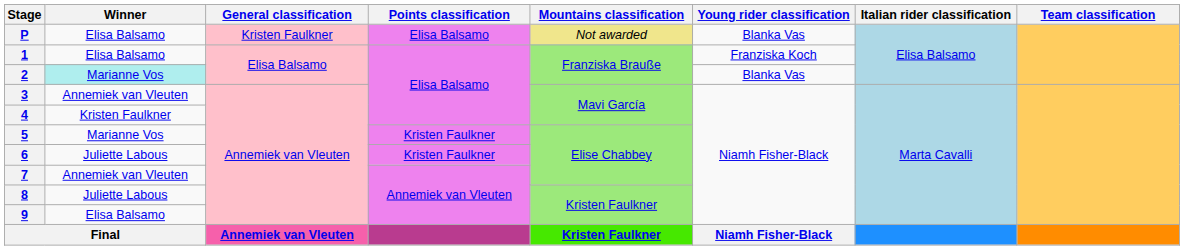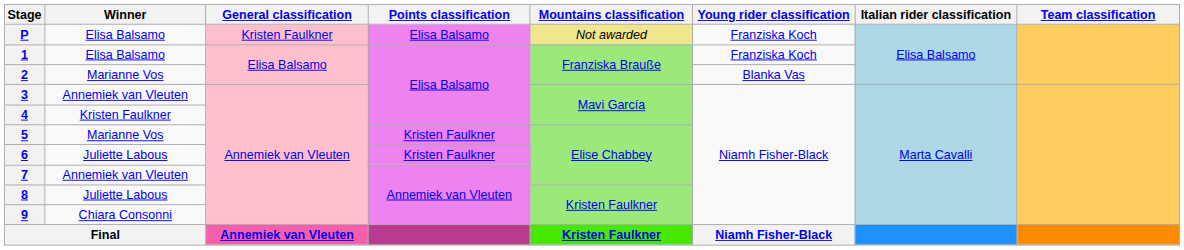 <table class="wikitable" style="text-align: center; font-size:smaller;">
 <tr style="background-color: #efefef;">
 <th width="2%">Stage</th>
 <th width="14%">Winner</th>
 <th width="14%"><a href='#'>General classification</a><br></th>
 <th width="14%"><a href='#'>Points classification</a><br></th>
 <th width="14%"><a href='#'>Mountains classification</a><br></th>
 <th width="14%"><a href='#'>Young rider classification</a><br></th>
 <th width="14%">Italian rider classification<br></th>
 <th width="14%"><a href='#'>Team classification</a><br></th>
 </tr>
 <tr>
 <th><a href='#'>P</a></th>
 <td><a href='#'>Elisa Balsamo</a></td>
 <td style="background:pink;"><a href='#'>Kristen Faulkner</a></td>
 <td style="background:violet;"><a href='#'>Elisa Balsamo</a></td>
 <td style="background: khaki;"><em>Not awarded</em></td>
-<td style="background:offwhite;"><a href='#'>Blanka Vas</a></td>
+<td style="background:offwhite;"><a href='#'>Franziska Koch</a></td>
 <td style="background:lightblue;" rowspan="3"><a href='#'>Elisa Balsamo</a></td>
 <td style="background:#FFCD5F;" rowspan="3"></td>
 </tr>
 <tr>
 <th><a href='#'>1</a></th>
 <td><a href='#'>Elisa Balsamo</a></td>
 <td style="background:pink;" rowspan="2"><a href='#'>Elisa Balsamo</a></td>
 <td style="background:violet;" rowspan="4"><a href='#'>Elisa Balsamo</a></td>
 <td style="background:#9CE97B;" rowspan="2"><a href='#'>Franziska Brauße</a></td>
 <td style="background:offwhite;"><a href='#'>Franziska Koch</a></td>
 </tr>
 <tr>
 <th><a href='#'>2</a></th>
-<td style="background: paleturquoise;"><a href='#'>Marianne Vos</a></td>
+<td><a href='#'>Marianne Vos</a></td>
 <td style="background:offwhite;"><a href='#'>Blanka Vas</a></td>
 </tr>
 <tr>
 <th><a href='#'>3</a></th>
 <td><a href='#'>Annemiek van Vleuten</a></td>
 <td style="background:pink;" rowspan="7"><a href='#'>Annemiek van Vleuten</a></td>
 <td style="background:#9CE97B;" rowspan="2"><a href='#'>Mavi García</a></td>
 <td style="background:offwhite;" rowspan="7"><a href='#'>Niamh Fisher-Black</a></td>
 <td style="background:lightblue;" rowspan="7"><a href='#'>Marta Cavalli</a></td>
 <td style="background:#FFCD5F;" rowspan="7"></td>
 </tr>
 <tr>
 <th><a href='#'>4</a></th>
 <td><a href='#'>Kristen Faulkner</a></td>
 </tr>
 <tr>
 <th><a href='#'>5</a></th>
 <td><a href='#'>Marianne Vos</a></td>
 <td style="background:violet;"><a href='#'>Kristen Faulkner</a></td>
 <td style="background:#9CE97B;" rowspan="3"><a href='#'>Elise Chabbey</a></td>
 </tr>
 <tr>
 <th><a href='#'>6</a></th>
 <td><a href='#'>Juliette Labous</a></td>
 <td style="background:violet;"><a href='#'>Kristen Faulkner</a></td>
 </tr>
 <tr>
 <th><a href='#'>7</a></th>
 <td><a href='#'>Annemiek van Vleuten</a></td>
 <td style="background:violet;" rowspan="3"><a href='#'>Annemiek van Vleuten</a></td>
 </tr>
 <tr>
 <th><a href='#'>8</a></th>
 <td><a href='#'>Juliette Labous</a></td>
 <td style="background:#9CE97B;" rowspan="2"><a href='#'>Kristen Faulkner</a></td>
 </tr>
 <tr>
 <th><a href='#'>9</a></th>
-<td><a href='#'>Elisa Balsamo</a></td>
+<td><a href='#'>Chiara Consonni</a></td>
 </tr>
 <tr>
 <th colspan="2">Final</th>
 <th style="background:#F660AB;"><a href='#'>Annemiek van Vleuten</a></th>
 <th style="background:#B93B8F;"></th>
 <th style="background:#46E800;"><a href='#'>Kristen Faulkner</a></th>
 <th style="background:offwhite;"><a href='#'>Niamh Fisher-Black</a></th>
 <th style="background:dodgerblue;"></th>
 <th style="background:#FF8C00;"></th>
 </tr>
 </table>
